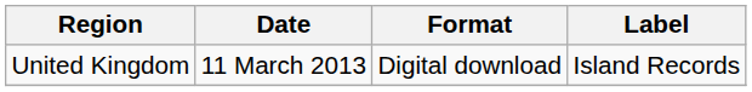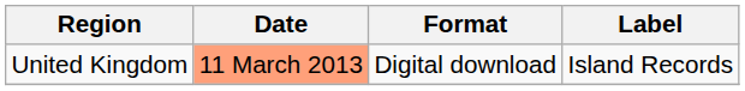 <table class="wikitable">
 <tr>
 <th scope="col">Region</th>
 <th scope="col">Date</th>
 <th scope="col">Format</th>
 <th scope="col">Label</th>
 </tr>
 <tr>
 <td>United Kingdom</td>
-<td>11 March 2013</td>
+<td style="background: lightsalmon;">11 March 2013</td>
 <td>Digital download</td>
 <td>Island Records</td>
 </tr>
 <tr>
 </tr>
 </table>
